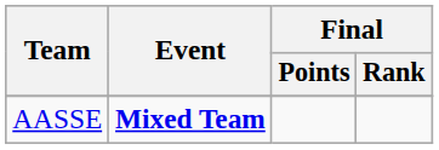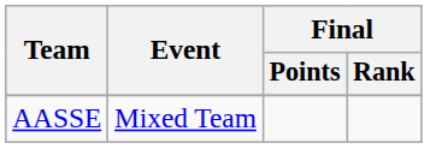 <table class="wikitable" style="font-size:90%;">
 <tr>
 <th rowspan=2>Team</th>
 <th rowspan=2>Event</th>
 <th colspan=2>Final</th>
 </tr>
 <tr style="font-size:95%">
 <th>Points</th>
 <th>Rank</th>
 </tr>
 <tr align=center>
 </tr>
 <tr align=center>
 <td align=left> <a href='#'>AASSE</a></td>
-<td align=left><strong><a href='#'>Mixed Team</a></strong></td>
+<td align=left><a href='#'>Mixed Team</a></td>
 <td></td>
 <td></td>
 </tr>
 </table>
